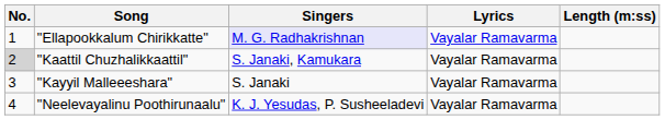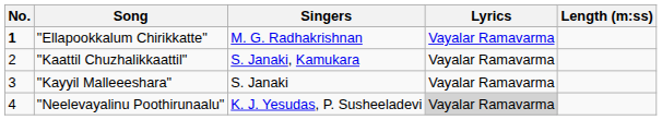 <table class="wikitable" style="font-size:95%;">
 <tr>
 <th>No.</th>
 <th>Song</th>
 <th>Singers</th>
 <th>Lyrics</th>
 <th>Length (m:ss)</th>
 </tr>
 <tr>
-<td>1</td>
+<td><strong>1</strong></td>
 <td>"Ellapookkalum Chirikkatte"</td>
-<td style="background: lavender;"><a href='#'>M. G. Radhakrishnan</a></td>
+<td><a href='#'>M. G. Radhakrishnan</a></td>
 <td><a href='#'>Vayalar Ramavarma</a></td>
 <td></td>
 </tr>
 <tr>
-<td style="background: lightgrey;">2</td>
+<td>2</td>
 <td>"Kaattil Chuzhalikkaattil"</td>
 <td><a href='#'>S. Janaki</a>, <a href='#'>Kamukara</a></td>
 <td>Vayalar Ramavarma</td>
 </tr>
 <tr>
 <td>3</td>
 <td>"Kayyil Malleeeshara"</td>
 <td>S. Janaki</td>
 <td>Vayalar Ramavarma</td>
 <td></td>
 </tr>
 <tr>
 <td>4</td>
 <td>"Neelevayalinu Poothirunaalu"</td>
 <td><a href='#'>K. J. Yesudas</a>, P. Susheeladevi</td>
-<td>Vayalar Ramavarma</td>
+<td style="background: lightgrey;">Vayalar Ramavarma</td>
 <td></td>
 </tr>
 </table>
